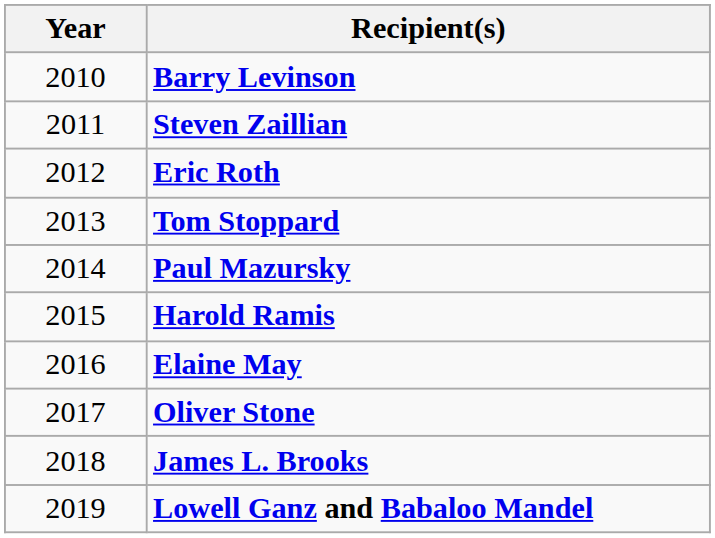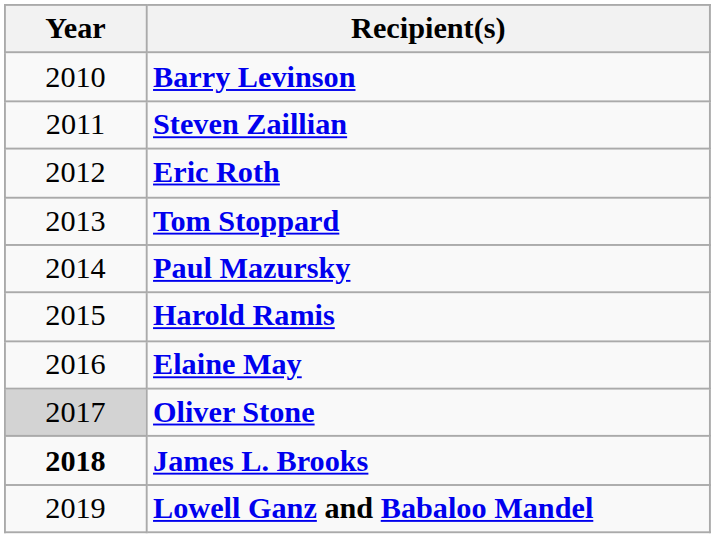 <table class="wikitable" style="width: 60%;">
 <tr>
 <th width="20%">Year</th>
 <th width="80%">Recipient(s)</th>
 </tr>
 <tr>
 <td style="text-align:center;">2010</td>
 <td><strong><a href='#'>Barry Levinson</a></strong></td>
 </tr>
 <tr>
 <td style="text-align:center;">2011</td>
 <td><strong><a href='#'>Steven Zaillian</a></strong></td>
 </tr>
 <tr>
 <td style="text-align:center;">2012</td>
 <td><strong><a href='#'>Eric Roth</a></strong></td>
 </tr>
 <tr>
 <td style="text-align:center;">2013</td>
 <td><strong><a href='#'>Tom Stoppard</a></strong></td>
 </tr>
 <tr>
 <td style="text-align:center;">2014</td>
 <td><strong><a href='#'>Paul Mazursky</a></strong></td>
 </tr>
 <tr>
 <td style="text-align:center;">2015</td>
 <td><strong><a href='#'>Harold Ramis</a></strong></td>
 </tr>
 <tr>
 <td style="text-align:center;">2016</td>
 <td><strong><a href='#'>Elaine May</a></strong></td>
 </tr>
 <tr>
-<td style="text-align:center;">2017</td>
+<td style="background: lightgrey; text-align:center;">2017</td>
 <td><strong><a href='#'>Oliver Stone</a></strong></td>
 </tr>
 <tr>
-<td style="text-align:center;">2018</td>
+<td style="text-align:center;"><strong>2018</strong></td>
 <td><strong><a href='#'>James L. Brooks</a></strong></td>
 </tr>
 <tr>
 <td style="text-align:center;">2019</td>
 <td><strong><a href='#'>Lowell Ganz</a> and <a href='#'>Babaloo Mandel</a></strong></td>
 </tr>
 </table>
